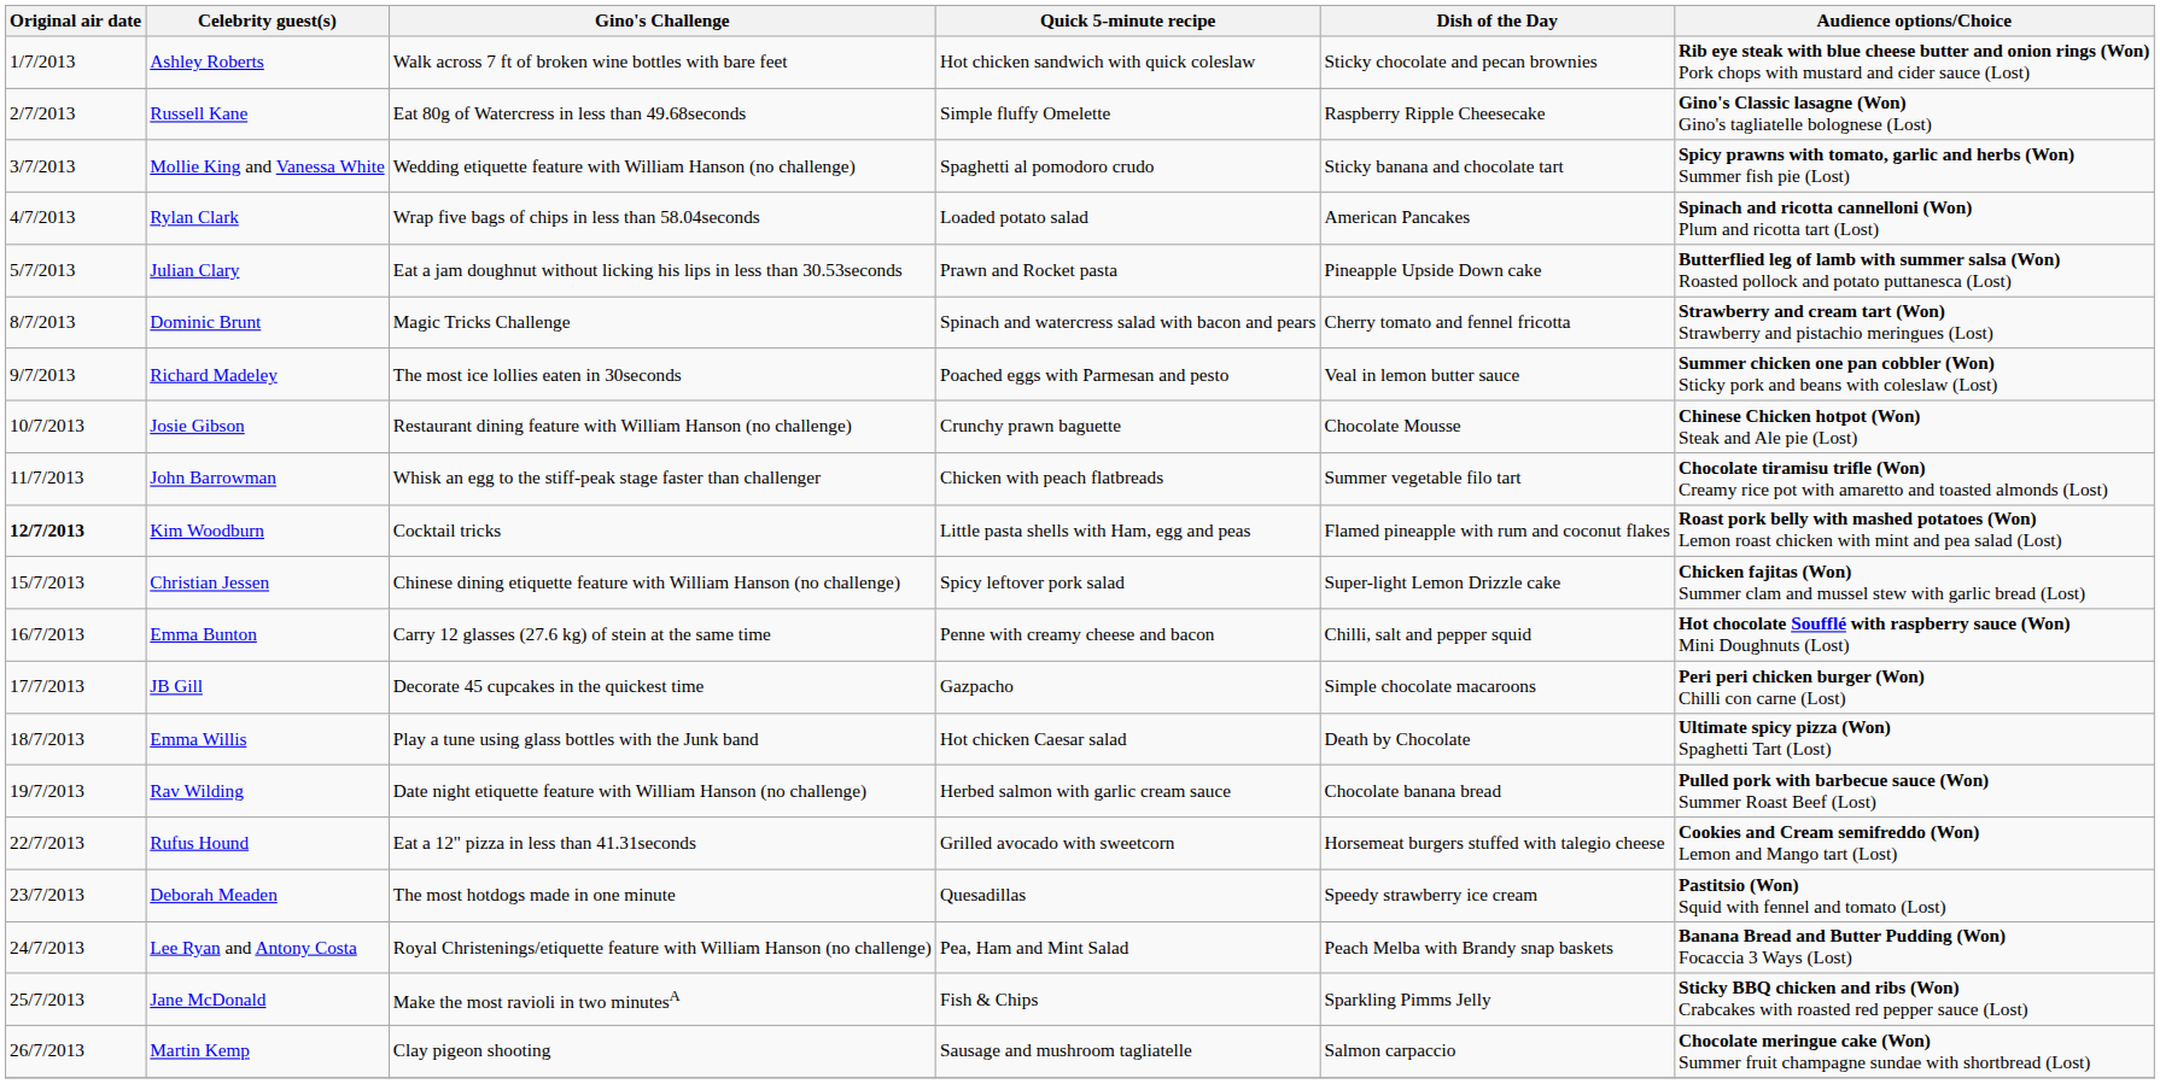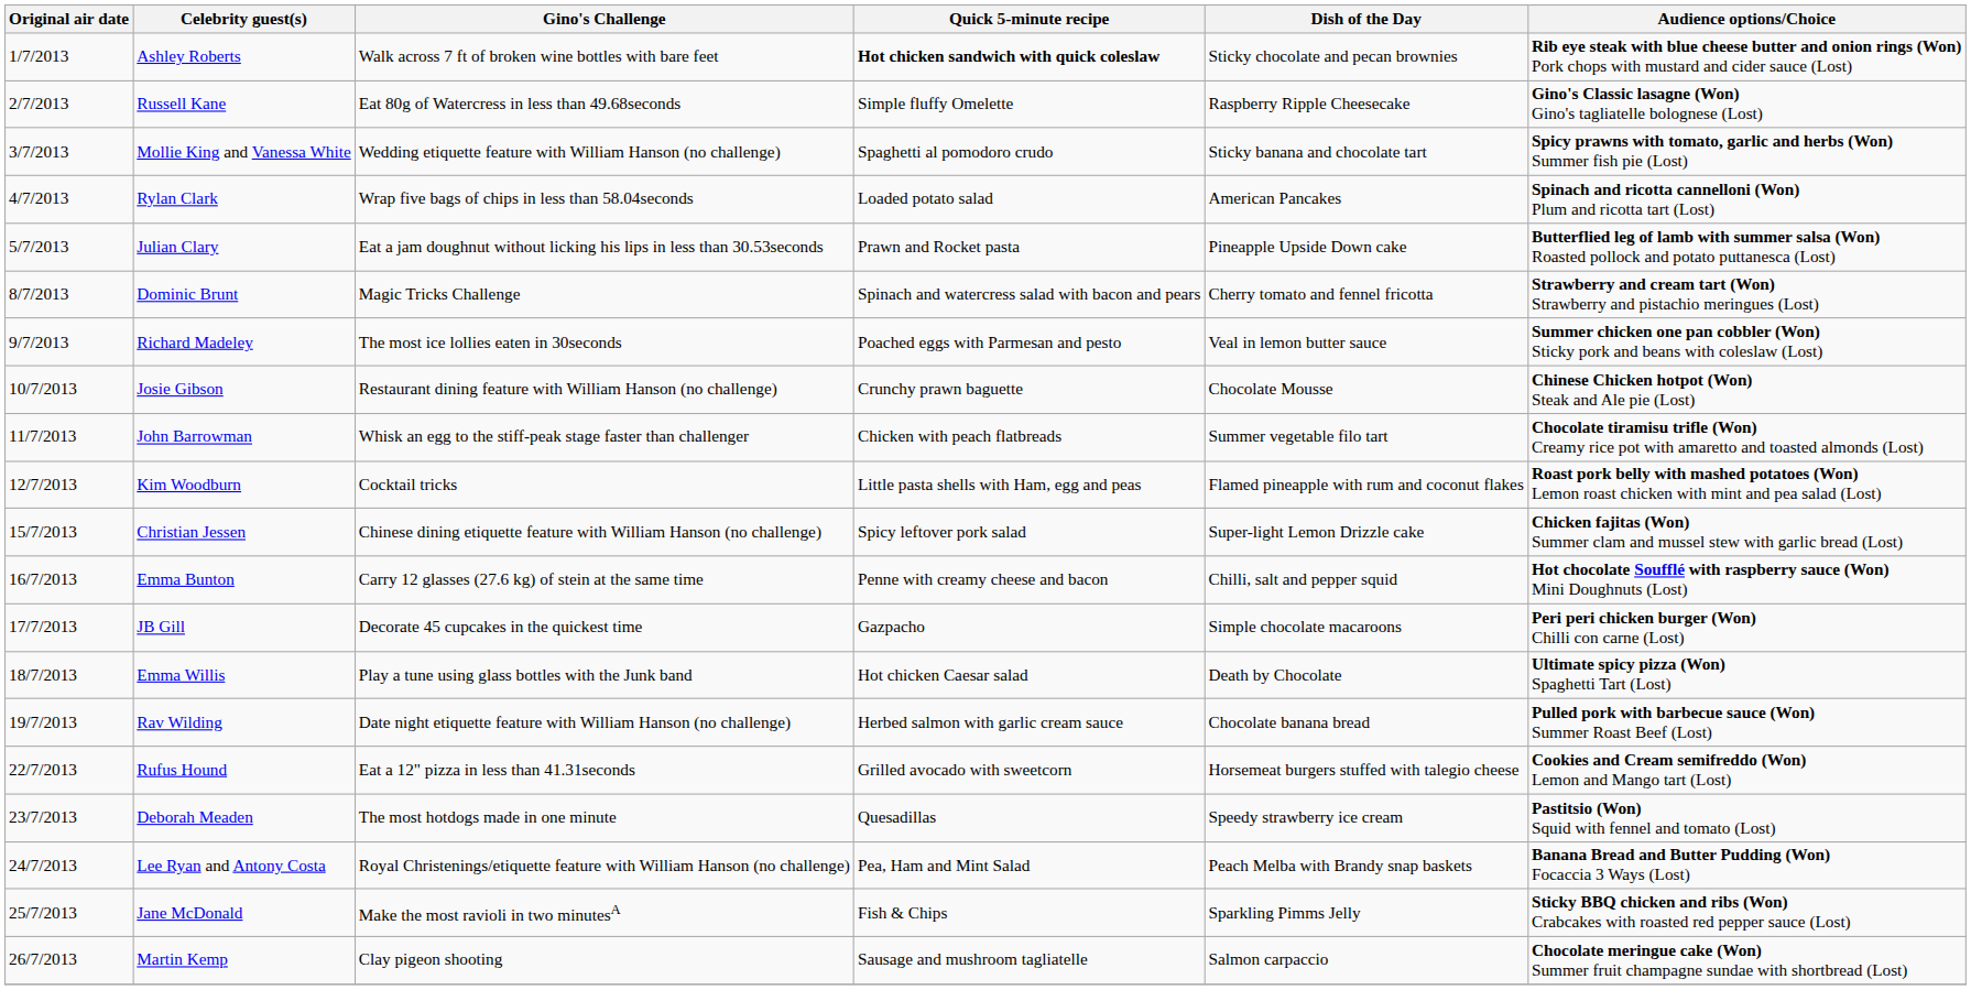 <table class="wikitable sticky-header" style="font-size:90%;">
 <tr>
 <th>Original air date</th>
 <th>Celebrity guest(s)</th>
 <th>Gino's Challenge</th>
 <th>Quick 5-minute recipe</th>
 <th>Dish of the Day</th>
 <th>Audience options/Choice</th>
 </tr>
 <tr>
 <td>1/7/2013</td>
 <td><a href='#'>Ashley Roberts</a></td>
 <td>Walk across 7 ft of broken wine bottles with bare feet</td>
-<td>Hot chicken sandwich with quick coleslaw</td>
+<td><strong>Hot chicken sandwich with quick coleslaw</strong></td>
 <td>Sticky chocolate and pecan brownies</td>
 <td><strong>Rib eye steak with blue cheese butter and onion rings (Won)</strong><br>Pork chops with mustard and cider sauce (Lost)</td>
 </tr>
 <tr>
 <td>2/7/2013</td>
 <td><a href='#'>Russell Kane</a></td>
 <td>Eat 80g of Watercress in less than 49.68seconds</td>
 <td>Simple fluffy Omelette</td>
 <td>Raspberry Ripple Cheesecake</td>
 <td><strong>Gino's Classic lasagne (Won)</strong><br>Gino's tagliatelle bolognese (Lost)</td>
 </tr>
 <tr>
 <td>3/7/2013</td>
 <td><a href='#'>Mollie King</a> and <a href='#'>Vanessa White</a></td>
 <td>Wedding etiquette feature with William Hanson (no challenge)</td>
 <td>Spaghetti al pomodoro crudo</td>
 <td>Sticky banana and chocolate tart</td>
 <td><strong>Spicy prawns with tomato, garlic and herbs (Won)</strong><br>Summer fish pie (Lost)</td>
 </tr>
 <tr>
 <td>4/7/2013</td>
 <td><a href='#'>Rylan Clark</a></td>
 <td>Wrap five bags of chips in less than 58.04seconds</td>
 <td>Loaded potato salad</td>
 <td>American Pancakes</td>
 <td><strong>Spinach and ricotta cannelloni (Won)</strong><br>Plum and ricotta tart (Lost)</td>
 </tr>
 <tr>
 <td>5/7/2013</td>
 <td><a href='#'>Julian Clary</a></td>
 <td>Eat a jam doughnut without licking his lips in less than 30.53seconds</td>
 <td>Prawn and Rocket pasta</td>
 <td>Pineapple Upside Down cake</td>
 <td><strong>Butterflied leg of lamb with summer salsa (Won)</strong><br>Roasted pollock and potato puttanesca (Lost)</td>
 </tr>
 <tr>
 <td>8/7/2013</td>
 <td><a href='#'>Dominic Brunt</a></td>
 <td>Magic Tricks Challenge</td>
 <td>Spinach and watercress salad with bacon and pears</td>
 <td>Cherry tomato and fennel fricotta</td>
 <td><strong>Strawberry and cream tart (Won)</strong><br>Strawberry and pistachio meringues (Lost)</td>
 </tr>
 <tr>
 <td>9/7/2013</td>
 <td><a href='#'>Richard Madeley</a></td>
 <td>The most ice lollies eaten in 30seconds</td>
 <td>Poached eggs with Parmesan and pesto</td>
 <td>Veal in lemon butter sauce</td>
 <td><strong>Summer chicken one pan cobbler (Won)</strong><br>Sticky pork and beans with coleslaw (Lost)</td>
 </tr>
 <tr>
 <td>10/7/2013</td>
 <td><a href='#'>Josie Gibson</a></td>
 <td>Restaurant dining feature with William Hanson (no challenge)</td>
 <td>Crunchy prawn baguette</td>
 <td>Chocolate Mousse</td>
 <td><strong>Chinese Chicken hotpot (Won)</strong><br>Steak and Ale pie (Lost)</td>
 </tr>
 <tr>
 <td>11/7/2013</td>
 <td><a href='#'>John Barrowman</a></td>
 <td>Whisk an egg to the stiff-peak stage faster than challenger</td>
 <td>Chicken with peach flatbreads</td>
 <td>Summer vegetable filo tart</td>
 <td><strong>Chocolate tiramisu trifle (Won)</strong><br>Creamy rice pot with amaretto and toasted almonds (Lost)</td>
 </tr>
 <tr>
-<td><strong>12/7/2013</strong></td>
+<td>12/7/2013</td>
 <td><a href='#'>Kim Woodburn</a></td>
 <td>Cocktail tricks</td>
 <td>Little pasta shells with Ham, egg and peas</td>
 <td>Flamed pineapple with rum and coconut flakes</td>
 <td><strong>Roast pork belly with mashed potatoes (Won)</strong><br>Lemon roast chicken with mint and pea salad (Lost)</td>
 </tr>
 <tr>
 <td>15/7/2013</td>
 <td><a href='#'>Christian Jessen</a></td>
 <td>Chinese dining etiquette feature with William Hanson (no challenge)</td>
 <td>Spicy leftover pork salad</td>
 <td>Super-light Lemon Drizzle cake</td>
 <td><strong>Chicken fajitas (Won)</strong><br>Summer clam and mussel stew with garlic bread (Lost)</td>
 </tr>
 <tr>
 <td>16/7/2013</td>
 <td><a href='#'>Emma Bunton</a></td>
 <td>Carry 12 glasses (27.6 kg) of stein at the same time</td>
 <td>Penne with creamy cheese and bacon</td>
 <td>Chilli, salt and pepper squid</td>
 <td><strong>Hot chocolate <a href='#'>Soufflé</a> with raspberry sauce (Won)</strong><br>Mini Doughnuts (Lost)</td>
 </tr>
 <tr>
 <td>17/7/2013</td>
 <td><a href='#'>JB Gill</a></td>
 <td>Decorate 45 cupcakes in the quickest time</td>
 <td>Gazpacho</td>
 <td>Simple chocolate macaroons</td>
 <td><strong>Peri peri chicken burger (Won)</strong><br>Chilli con carne (Lost)</td>
 </tr>
 <tr>
 <td>18/7/2013</td>
 <td><a href='#'>Emma Willis</a></td>
 <td>Play a tune using glass bottles with the Junk band</td>
 <td>Hot chicken Caesar salad</td>
 <td>Death by Chocolate</td>
 <td><strong>Ultimate spicy pizza (Won)</strong><br>Spaghetti Tart (Lost)</td>
 </tr>
 <tr>
 <td>19/7/2013</td>
 <td><a href='#'>Rav Wilding</a></td>
 <td>Date night etiquette feature with William Hanson (no challenge)</td>
 <td>Herbed salmon with garlic cream sauce</td>
 <td>Chocolate banana bread</td>
 <td><strong>Pulled pork with barbecue sauce (Won)</strong><br>Summer Roast Beef (Lost)</td>
 </tr>
 <tr>
 <td>22/7/2013</td>
 <td><a href='#'>Rufus Hound</a></td>
 <td>Eat a 12" pizza in less than 41.31seconds</td>
 <td>Grilled avocado with sweetcorn</td>
 <td>Horsemeat burgers stuffed with talegio cheese</td>
 <td><strong>Cookies and Cream semifreddo (Won)</strong><br>Lemon and Mango tart (Lost)</td>
 </tr>
 <tr>
 <td>23/7/2013</td>
 <td><a href='#'>Deborah Meaden</a></td>
 <td>The most hotdogs made in one minute</td>
 <td>Quesadillas</td>
 <td>Speedy strawberry ice cream</td>
 <td><strong>Pastitsio (Won)</strong><br>Squid with fennel and tomato (Lost)</td>
 </tr>
 <tr>
 <td>24/7/2013</td>
 <td><a href='#'>Lee Ryan</a> and <a href='#'>Antony Costa</a></td>
 <td>Royal Christenings/etiquette feature with William Hanson (no challenge)</td>
 <td>Pea, Ham and Mint Salad</td>
 <td>Peach Melba with Brandy snap baskets</td>
 <td><strong>Banana Bread and Butter Pudding (Won)</strong><br>Focaccia 3 Ways (Lost)</td>
 </tr>
 <tr>
 <td>25/7/2013</td>
 <td><a href='#'>Jane McDonald</a></td>
 <td>Make the most ravioli in two minutes<sup>A</sup></td>
 <td>Fish & Chips</td>
 <td>Sparkling Pimms Jelly</td>
 <td><strong>Sticky BBQ chicken and ribs (Won)</strong><br>Crabcakes with roasted red pepper sauce (Lost)</td>
 </tr>
 <tr>
 <td>26/7/2013</td>
 <td><a href='#'>Martin Kemp</a></td>
 <td>Clay pigeon shooting</td>
 <td>Sausage and mushroom tagliatelle</td>
 <td>Salmon carpaccio</td>
 <td><strong>Chocolate meringue cake (Won)</strong><br>Summer fruit champagne sundae with shortbread (Lost)</td>
 </tr>
 <tr>
 </tr>
 </table>
